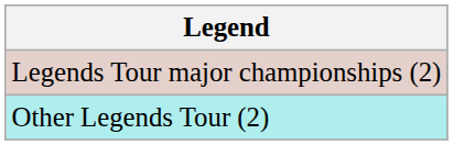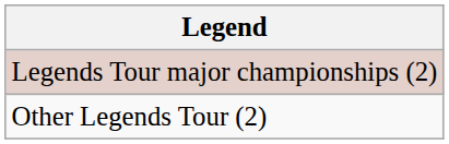 <table class="wikitable" style="font-size:95%;">
 <tr>
 <th>Legend</th>
 </tr>
 <tr style="background:#e5d1cb;">
 <td>Legends Tour major championships (2)</td>
 </tr>
 <tr>
-<td style="background: paleturquoise;">Other Legends Tour (2)</td>
+<td>Other Legends Tour (2)</td>
 </tr>
 </table>
